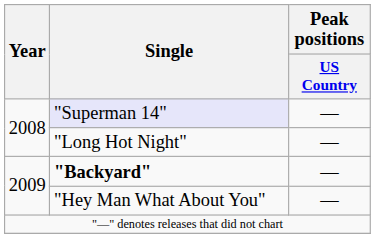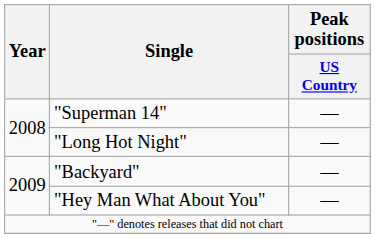 <table class="wikitable">
 <tr>
 <th rowspan="2">Year</th>
 <th rowspan="2" width="200">Single</th>
 <th colspan="1">Peak positions</th>
 </tr>
 <tr style="font-size:smaller;">
 <th width="65"><a href='#'>US Country</a></th>
 </tr>
 <tr>
 <td rowspan="2">2008</td>
-<td style="background: lavender;">"Superman 14"</td>
+<td>"Superman 14"</td>
 <td align="center">—</td>
 </tr>
 <tr>
 <td>"Long Hot Night"</td>
 <td align="center">—</td>
 </tr>
 <tr>
 <td rowspan="2">2009</td>
-<td><strong>"Backyard"</strong></td>
+<td>"Backyard"</td>
 <td align="center">—</td>
 </tr>
 <tr>
 <td>"Hey Man What About You"</td>
 <td align="center">—</td>
 </tr>
 <tr>
 <td align="center" colspan="10" style="font-size:8pt">"—" denotes releases that did not chart</td>
 </tr>
 <tr>
 </tr>
 </table>
